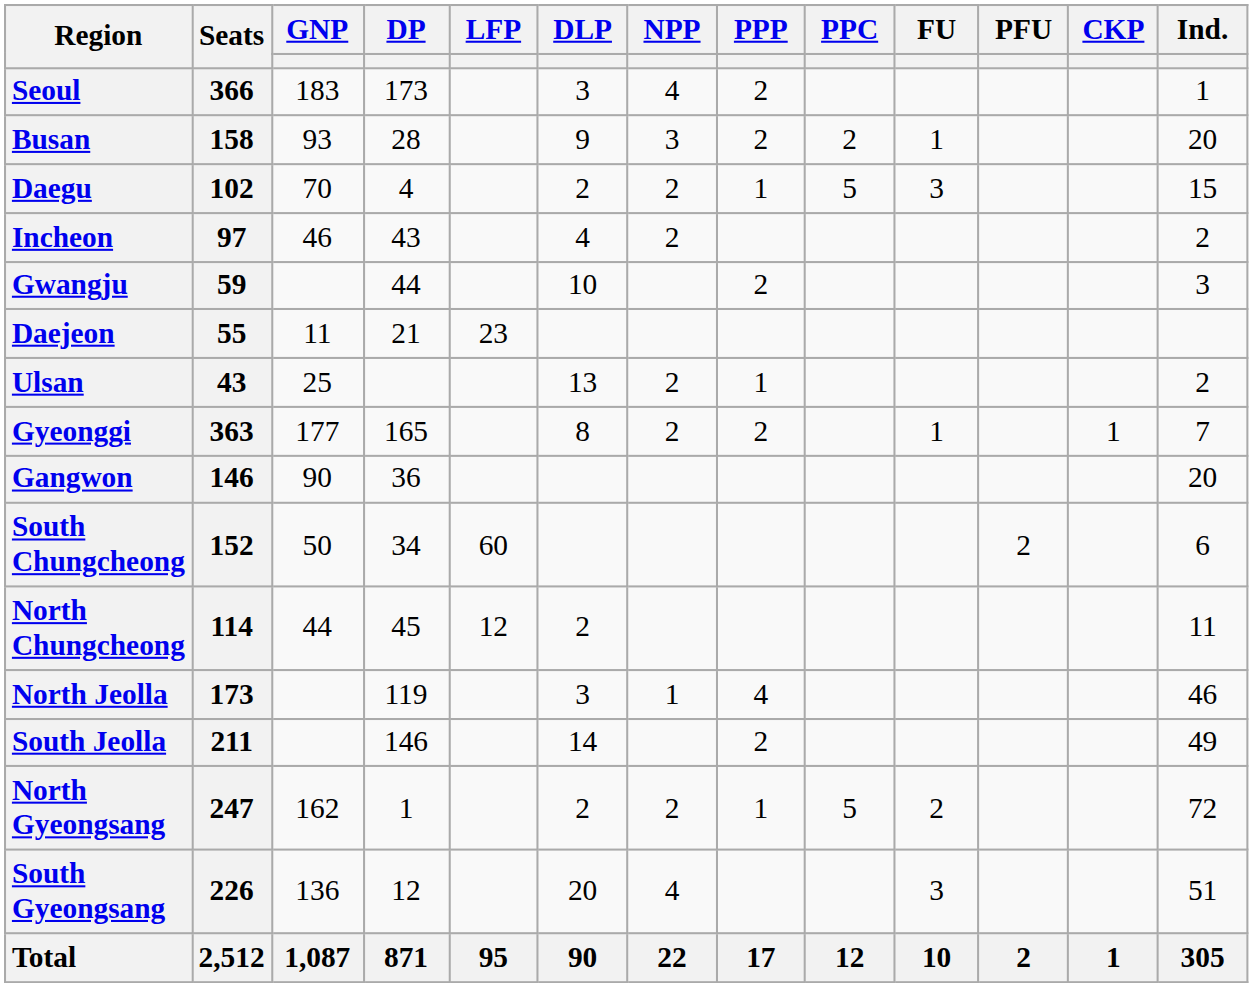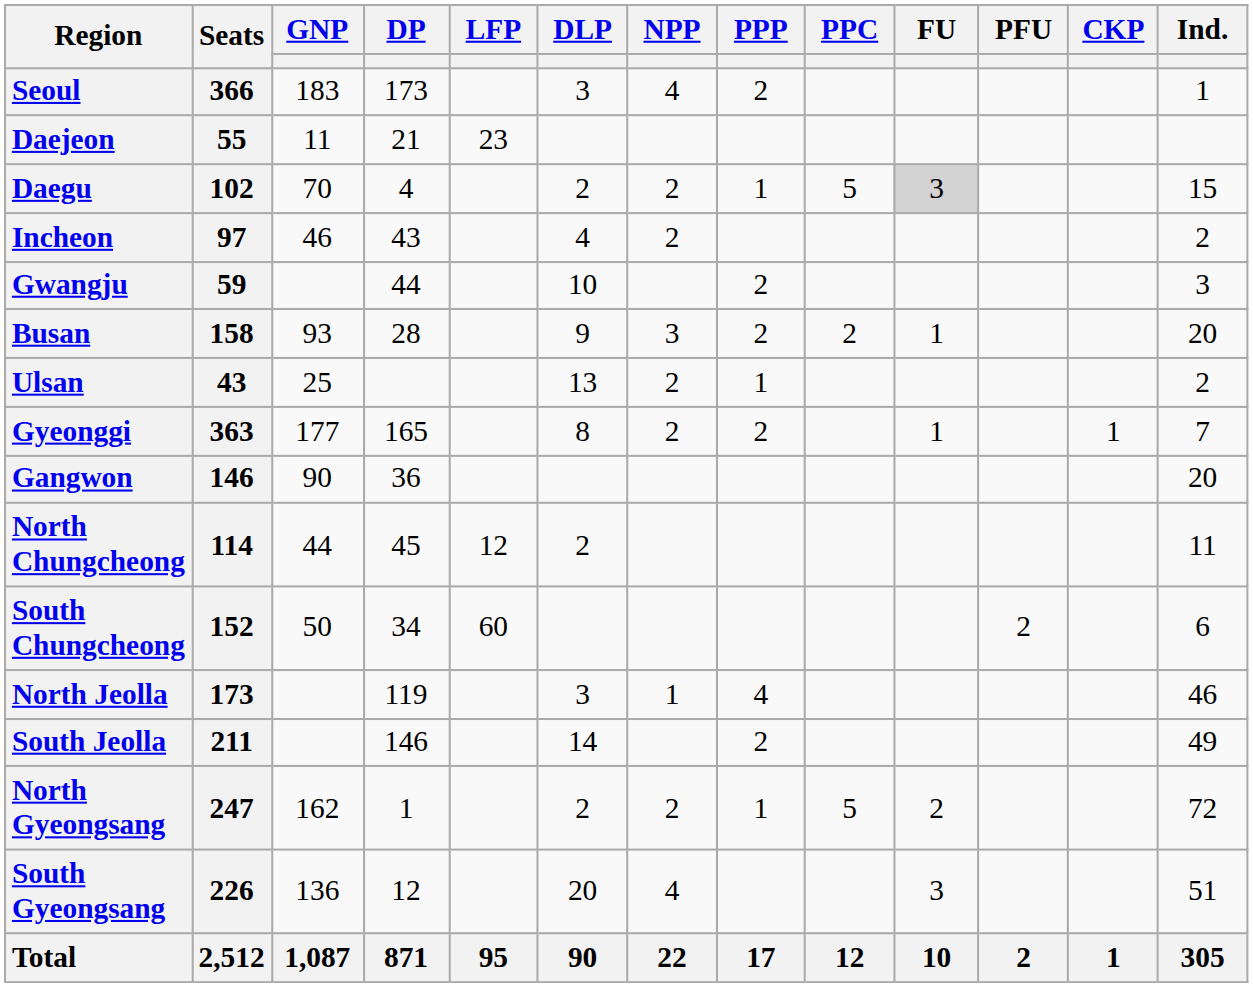 <table class="wikitable" style="text-align:center; font-size: 0.9em;">
 <tr>
 <th rowspan="2">Region</th>
 <th rowspan="2">Seats</th>
 <th class="unsortable" style="width:40px;"><a href='#'>GNP</a></th>
 <th class="unsortable" style="width:40px;"><a href='#'>DP</a></th>
 <th class="unsortable" style="width:40px;"><a href='#'>LFP</a></th>
 <th class="unsortable" style="width:40px;"><a href='#'>DLP</a></th>
 <th class="unsortable" style="width:40px;"><a href='#'>NPP</a></th>
 <th class="unsortable" style="width:40px;"><a href='#'>PPP</a></th>
 <th class="unsortable" style="width:40px;"><a href='#'>PPC</a></th>
 <th class="unsortable" style="width:40px;">FU</th>
 <th class="unsortable" style="width:40px;">PFU</th>
 <th class="unsortable" style="width:40px;"><a href='#'>CKP</a></th>
 <th class="unsortable" style="width:40px;">Ind.</th>
 </tr>
 <tr>
 <th style="background:"></th>
 <th style="background:"></th>
 <th style="background:"></th>
 <th style="background:"></th>
 <th style="background:"></th>
 <th style="background:"></th>
 <th style="background:"></th>
 <th></th>
 <th></th>
 <th style="background:"></th>
 <th style="background:"></th>
 </tr>
 <tr>
 <th style="text-align: left;"><a href='#'>Seoul</a></th>
 <th>366</th>
 <td>183</td>
 <td>173</td>
 <td></td>
 <td>3</td>
 <td>4</td>
 <td>2</td>
 <td></td>
 <td></td>
 <td></td>
 <td></td>
 <td>1</td>
 </tr>
 <tr>
-<th style="text-align: left;"><a href='#'>Busan</a></th>
-<th>158</th>
-<td>93</td>
-<td>28</td>
-<td></td>
-<td>9</td>
-<td>3</td>
-<td>2</td>
-<td>2</td>
-<td>1</td>
+<th style="text-align: left;"><a href='#'>Daejeon</a></th>
+<th>55</th>
+<td>11</td>
+<td>21</td>
+<td>23</td>
 <td></td>
 <td></td>
-<td>20</td>
+<td></td>
+<td></td>
+<td></td>
+<td></td>
+<td></td>
+<td></td>
 </tr>
 <tr>
 <th style="text-align: left;"><a href='#'>Daegu</a></th>
 <th>102</th>
 <td>70</td>
 <td>4</td>
 <td></td>
 <td>2</td>
 <td>2</td>
 <td>1</td>
 <td>5</td>
-<td>3</td>
+<td style="background: lightgrey;">3</td>
 <td></td>
 <td></td>
 <td>15</td>
 </tr>
 <tr>
 <th style="text-align: left;"><a href='#'>Incheon</a></th>
 <th>97</th>
 <td>46</td>
 <td>43</td>
 <td></td>
 <td>4</td>
 <td>2</td>
 <td></td>
 <td></td>
 <td></td>
 <td></td>
 <td></td>
 <td>2</td>
 </tr>
 <tr>
 <th style="text-align: left;"><a href='#'>Gwangju</a></th>
 <th>59</th>
 <td></td>
 <td>44</td>
 <td></td>
 <td>10</td>
 <td></td>
 <td>2</td>
 <td></td>
 <td></td>
 <td></td>
 <td></td>
 <td>3</td>
 </tr>
 <tr>
-<th style="text-align: left;"><a href='#'>Daejeon</a></th>
-<th>55</th>
-<td>11</td>
-<td>21</td>
-<td>23</td>
+<th style="text-align: left;"><a href='#'>Busan</a></th>
+<th>158</th>
+<td>93</td>
+<td>28</td>
+<td></td>
+<td>9</td>
+<td>3</td>
+<td>2</td>
+<td>2</td>
+<td>1</td>
 <td></td>
 <td></td>
-<td></td>
-<td></td>
-<td></td>
-<td></td>
-<td></td>
-<td></td>
+<td>20</td>
 </tr>
 <tr>
 <th style="text-align: left;"><a href='#'>Ulsan</a></th>
 <th>43</th>
 <td>25</td>
 <td></td>
 <td></td>
 <td>13</td>
 <td>2</td>
 <td>1</td>
 <td></td>
 <td></td>
 <td></td>
 <td></td>
 <td>2</td>
 </tr>
 <tr>
 <th style="text-align: left;"><a href='#'>Gyeonggi</a></th>
 <th>363</th>
 <td>177</td>
 <td>165</td>
 <td></td>
 <td>8</td>
 <td>2</td>
 <td>2</td>
 <td></td>
 <td>1</td>
 <td></td>
 <td>1</td>
 <td>7</td>
 </tr>
 <tr>
 <th style="text-align: left;"><a href='#'>Gangwon</a></th>
 <th>146</th>
 <td>90</td>
 <td>36</td>
 <td></td>
 <td></td>
 <td></td>
 <td></td>
 <td></td>
 <td></td>
 <td></td>
 <td></td>
 <td>20</td>
 </tr>
 <tr>
+<th style="text-align: left;"><a href='#'>North Chungcheong</a></th>
+<th>114</th>
+<td>44</td>
+<td>45</td>
+<td>12</td>
+<td>2</td>
+<td></td>
+<td></td>
+<td></td>
+<td></td>
+<td></td>
+<td></td>
+<td>11</td>
+</tr>
+<tr>
 <th style="text-align: left;"><a href='#'>South Chungcheong</a></th>
 <th>152</th>
 <td>50</td>
 <td>34</td>
 <td>60</td>
 <td></td>
 <td></td>
 <td></td>
 <td></td>
 <td></td>
 <td>2</td>
 <td></td>
 <td>6</td>
-</tr>
-<tr>
-<th style="text-align: left;"><a href='#'>North Chungcheong</a></th>
-<th>114</th>
-<td>44</td>
-<td>45</td>
-<td>12</td>
-<td>2</td>
-<td></td>
-<td></td>
-<td></td>
-<td></td>
-<td></td>
-<td></td>
-<td>11</td>
 </tr>
 <tr>
 <th style="text-align: left;"><a href='#'>North Jeolla</a></th>
 <th>173</th>
 <td></td>
 <td>119</td>
 <td></td>
 <td>3</td>
 <td>1</td>
 <td>4</td>
 <td></td>
 <td></td>
 <td></td>
 <td></td>
 <td>46</td>
 </tr>
 <tr>
 <th style="text-align: left;"><a href='#'>South Jeolla</a></th>
 <th>211</th>
 <td></td>
 <td>146</td>
 <td></td>
 <td>14</td>
 <td></td>
 <td>2</td>
 <td></td>
 <td></td>
 <td></td>
 <td></td>
 <td>49</td>
 </tr>
 <tr>
 <th style="text-align: left;"><a href='#'>North Gyeongsang</a></th>
 <th>247</th>
 <td>162</td>
 <td>1</td>
 <td></td>
 <td>2</td>
 <td>2</td>
 <td>1</td>
 <td>5</td>
 <td>2</td>
 <td></td>
 <td></td>
 <td>72</td>
 </tr>
 <tr>
 <th style="text-align: left;"><a href='#'>South Gyeongsang</a></th>
 <th>226</th>
 <td>136</td>
 <td>12</td>
 <td></td>
 <td>20</td>
 <td>4</td>
 <td></td>
 <td></td>
 <td>3</td>
 <td></td>
 <td></td>
 <td>51</td>
 </tr>
 <tr class="sortbottom">
 <th style="text-align: left;">Total</th>
 <th>2,512</th>
 <th>1,087</th>
 <th>871</th>
 <th>95</th>
 <th>90</th>
 <th>22</th>
 <th>17</th>
 <th>12</th>
 <th>10</th>
 <th>2</th>
 <th>1</th>
 <th>305</th>
 </tr>
 </table>
